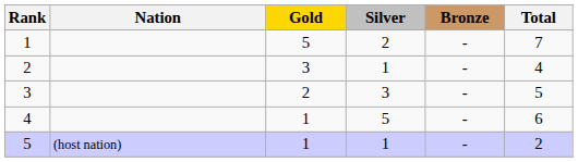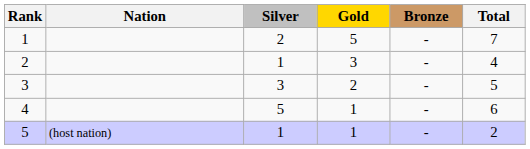 <table class="wikitable sortable plainrowheaders" style="text-align:center;max-width: 15cm; width: 100%">
 <tr>
 <th scope="col" style="width:4%">Rank</th>
 <th scope="col">Nation</th>
+<th scope="col" style="background-color:silver; width:14%;">Silver</th>
 <th scope="col" style="background-color:gold; width:14%;">Gold</th>
-<th scope="col" style="background-color:silver; width:14%;">Silver</th>
 <th scope="col" style="background-color:#cc9966; width:14%;">Bronze</th>
 <th scope="col" style="width:12%;">Total</th>
 </tr>
 <tr>
 <td>1</td>
 <td align=left></td>
+<td>2</td>
 <td>5</td>
-<td>2</td>
 <td>-</td>
 <td>7</td>
 </tr>
 <tr>
 <td>2</td>
 <td align=left></td>
+<td>1</td>
 <td>3</td>
-<td>1</td>
 <td>-</td>
 <td>4</td>
 </tr>
 <tr>
 <td>3</td>
 <td align=left></td>
+<td>3</td>
 <td>2</td>
-<td>3</td>
 <td>-</td>
 <td>5</td>
 </tr>
 <tr>
 <td>4</td>
 <td align=left></td>
+<td>5</td>
 <td>1</td>
-<td>5</td>
 <td>-</td>
 <td>6</td>
 </tr>
 <tr style="background:#ccccff">
 <td>5</td>
 <td align=left> <small>(host nation)</small></td>
 <td>1</td>
 <td>1</td>
 <td>-</td>
 <td>2</td>
 </tr>
 </table>
